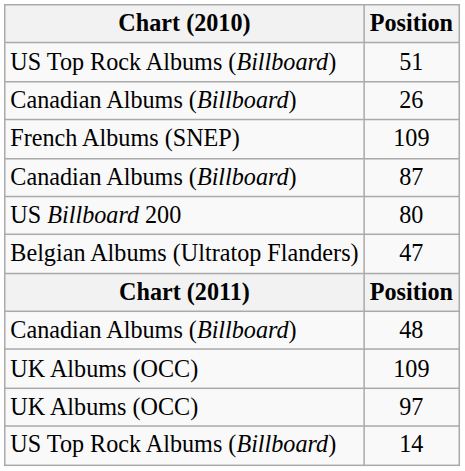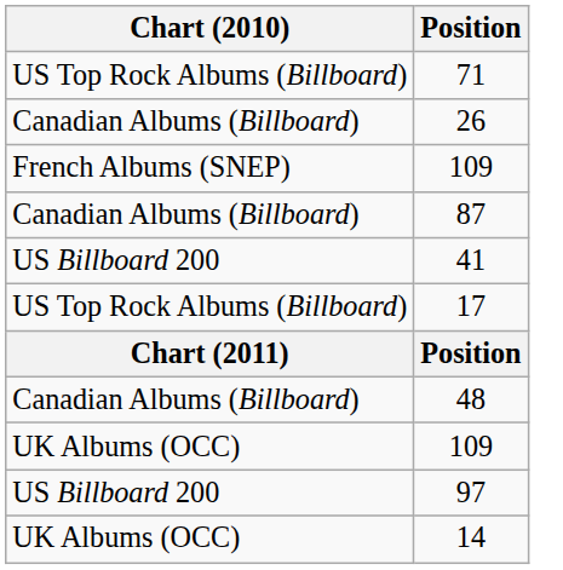 <table class="wikitable">
 <tr>
 <th>Chart (2010)</th>
 <th>Position</th>
 </tr>
 <tr>
 <td>US Top Rock Albums (<em>Billboard</em>)</td>
-<td style="text-align:center;">51</td>
+<td style="text-align:center;">71</td>
 </tr>
 <tr>
 <td>Canadian Albums (<em>Billboard</em>)</td>
 <td style="text-align:center;">26</td>
 </tr>
 <tr>
 <td>French Albums (SNEP)</td>
 <td style="text-align:center;">109</td>
 </tr>
 <tr>
 <td>Canadian Albums (<em>Billboard</em>)</td>
 <td style="text-align:center;">87</td>
 </tr>
 <tr>
 <td>US <em>Billboard</em> 200</td>
-<td style="text-align:center;">80</td>
+<td style="text-align:center;">41</td>
 </tr>
 <tr>
-<td>Belgian Albums (Ultratop Flanders)</td>
-<td style="text-align:center;">47</td>
+<td>US Top Rock Albums (<em>Billboard</em>)</td>
+<td style="text-align:center;">17</td>
 </tr>
 <tr>
 <th>Chart (2011)</th>
 <th>Position</th>
 </tr>
 <tr>
 <td>Canadian Albums (<em>Billboard</em>)</td>
 <td style="text-align:center;">48</td>
 </tr>
 <tr>
 <td>UK Albums (OCC)</td>
 <td style="text-align:center;">109</td>
 </tr>
 <tr>
-<td>UK Albums (OCC)</td>
+<td>US <em>Billboard</em> 200</td>
 <td style="text-align:center;">97</td>
 </tr>
 <tr>
-<td>US Top Rock Albums (<em>Billboard</em>)</td>
+<td>UK Albums (OCC)</td>
 <td style="text-align:center;">14</td>
 </tr>
 </table>
